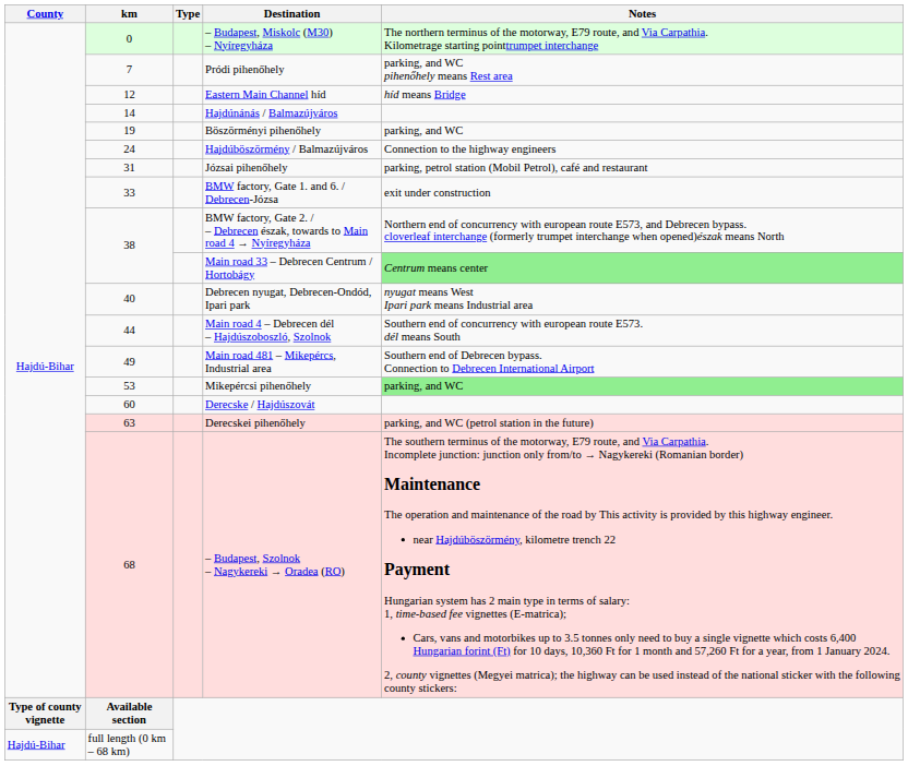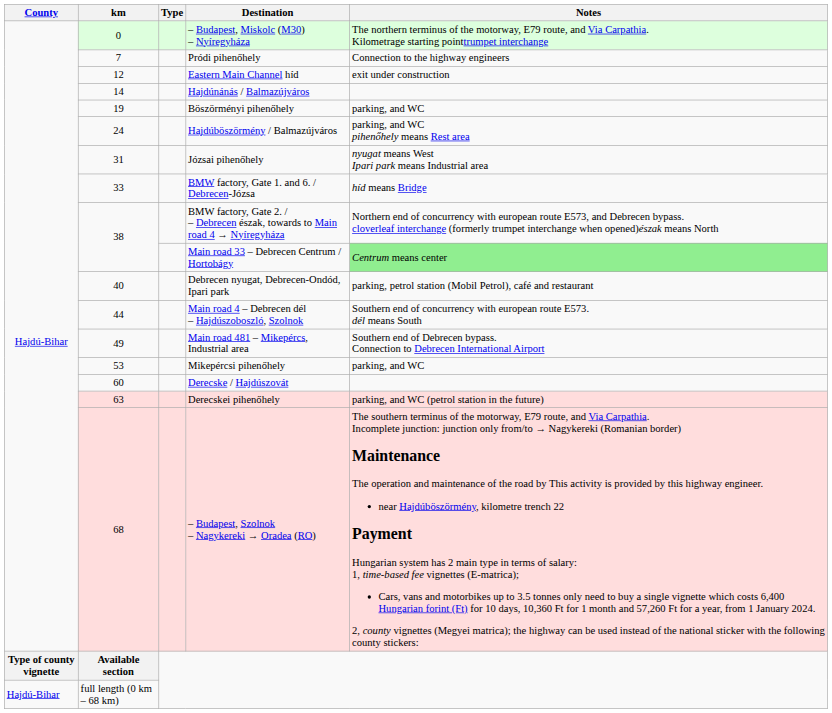 <table class="wikitable sortable sticky-header">
 <tr>
 <th scope="col"><a href='#'>County</a></th>
 <th scope="col">km</th>
 <th scope="col">Type</th>
 <th scope="col">Destination</th>
 <th scope="col">Notes</th>
 </tr>
 <tr>
 <td rowspan=17; align=center><br><a href='#'>Hajdú-Bihar</a></td>
 <td style="background:#dfd;" align=center>0</td>
 <td style="background:#dfd;" align=center></td>
 <td style="background:#dfd;"> – <a href='#'>Budapest</a>, <a href='#'>Miskolc</a> (<a href='#'>M30</a>)<br> – <a href='#'>Nyíregyháza</a></td>
 <td style="background:#dfd;">The northern terminus of the  motorway, E79 route, and <a href='#'>Via Carpathia</a>.<br>Kilometrage starting point<a href='#'>trumpet interchange</a></td>
 </tr>
 <tr>
 <td align=center>7</td>
 <td align=center></td>
 <td>Pródi pihenőhely</td>
-<td>parking, and WC<br><em>pihenőhely</em> means <a href='#'>Rest area</a></td>
+<td>Connection to the highway engineers</td>
 </tr>
 <tr>
 <td align=center>12</td>
 <td align=center></td>
 <td><a href='#'>Eastern Main Channel</a> híd</td>
-<td><em>híd</em> means <a href='#'>Bridge</a></td>
+<td>exit under construction</td>
 </tr>
 <tr>
 <td align=center>14</td>
 <td align=center></td>
 <td><a href='#'>Hajdúnánás</a> / <a href='#'>Balmazújváros</a></td>
 <td></td>
 </tr>
 <tr>
 <td align=center>19</td>
 <td align=center></td>
 <td>Böszörményi pihenőhely</td>
 <td>parking, and WC</td>
 </tr>
 <tr>
 <td align=center>24</td>
 <td align=center></td>
 <td><a href='#'>Hajdúböszörmény</a> / Balmazújváros</td>
-<td>Connection to the highway engineers</td>
+<td>parking, and WC<br><em>pihenőhely</em> means <a href='#'>Rest area</a></td>
 </tr>
 <tr>
 <td align=center>31</td>
 <td align=center></td>
 <td>Józsai pihenőhely</td>
-<td>parking, petrol station (Mobil Petrol), café and restaurant</td>
+<td><em>nyugat</em> means West<br><em>Ipari park</em> means Industrial area</td>
 </tr>
 <tr>
 <td align=center>33</td>
 <td align=center></td>
 <td><a href='#'>BMW</a> factory, Gate 1. and 6. / <a href='#'>Debrecen</a>-Józsa</td>
-<td>exit under construction</td>
+<td><em>híd</em> means <a href='#'>Bridge</a></td>
 </tr>
 <tr>
 <td rowspan=2; align=center>38</td>
 <td align=center></td>
 <td>BMW factory, Gate 2. /<br> – <a href='#'>Debrecen</a> észak, towards to  <a href='#'>Main road 4</a> → <a href='#'>Nyíregyháza</a></td>
 <td>Northern end of concurrency with european route E573, and Debrecen bypass.<br><a href='#'>cloverleaf interchange</a> (formerly trumpet interchange when opened)<em>észak</em> means North</td>
 </tr>
 <tr>
 <td align=center></td>
 <td> <a href='#'>Main road 33</a> – Debrecen Centrum / <a href='#'>Hortobágy</a></td>
 <td style="background: lightgreen;"><em>Centrum</em> means center</td>
 </tr>
 <tr>
 <td align=center>40</td>
 <td align=center></td>
 <td>Debrecen nyugat, Debrecen-Ondód, Ipari park</td>
-<td><em>nyugat</em> means West<br><em>Ipari park</em> means Industrial area</td>
+<td>parking, petrol station (Mobil Petrol), café and restaurant</td>
 </tr>
 <tr>
 <td align=center>44</td>
 <td align=center></td>
 <td> <a href='#'>Main road 4</a> – Debrecen dél<br> – <a href='#'>Hajdúszoboszló</a>, <a href='#'>Szolnok</a></td>
 <td>Southern end of concurrency with european route E573.<br><em>dél</em> means South</td>
 </tr>
 <tr>
 <td align=center>49</td>
 <td align=center></td>
 <td> <a href='#'>Main road 481</a> – <a href='#'>Mikepércs</a>, Industrial area</td>
 <td>Southern end of Debrecen bypass.<br>Connection to <a href='#'>Debrecen International Airport</a></td>
 </tr>
 <tr>
 <td align=center>53</td>
 <td align=center></td>
 <td>Mikepércsi pihenőhely</td>
-<td style="background: lightgreen;">parking, and WC</td>
+<td>parking, and WC</td>
 </tr>
 <tr>
 <td align=center>60</td>
 <td align=center></td>
 <td><a href='#'>Derecske</a> / <a href='#'>Hajdúszovát</a></td>
 <td></td>
 </tr>
 <tr>
 <td style="background:#fdd;" align=center>63</td>
 <td style="background:#fdd;" align=center></td>
 <td style="background:#fdd;">Derecskei pihenőhely</td>
 <td style="background:#fdd;">parking, and WC (petrol station in the future)</td>
 </tr>
 <tr>
 <td style="background:#fdd;" align=center>68</td>
 <td style="background:#fdd;" align=center></td>
 <td style="background:#fdd;"> – <a href='#'>Budapest</a>, <a href='#'>Szolnok</a><br> – <a href='#'>Nagykereki</a> → <a href='#'>Oradea</a> (<a href='#'>RO</a>)</td>
 <td style="background:#fdd;">The southern terminus of the motorway, E79 route, and <a href='#'>Via Carpathia</a>.<br>Incomplete junction: junction only from/to → Nagykereki (Romanian border) <h2>Maintenance</h2>The operation and maintenance of the road by  This activity is provided by this highway engineer.<ul><li>near <a href='#'>Hajdúböszörmény</a>, kilometre trench 22</li></ul><h2>Payment</h2>Hungarian system has 2 main type in terms of salary:<br>1, <em>time-based fee</em> vignettes (E-matrica);<ul><li>Cars, vans and motorbikes up to 3.5 tonnes only need to buy a single vignette which costs 6,400 <a href='#'>Hungarian forint (Ft)</a> for 10 days, 10,360 Ft for 1 month and 57,260 Ft for a year, from 1 January 2024.</li></ul>2, <em>county</em> vignettes (Megyei matrica); the highway can be used instead of the national sticker with the following county stickers:</td>
 </tr>
 <tr>
 <th>Type of county vignette</th>
 <th>Available section</th>
 </tr>
 <tr>
 <td><a href='#'>Hajdú-Bihar</a></td>
 <td>full length (0 km – 68 km)</td>
 </tr>
 </table>
